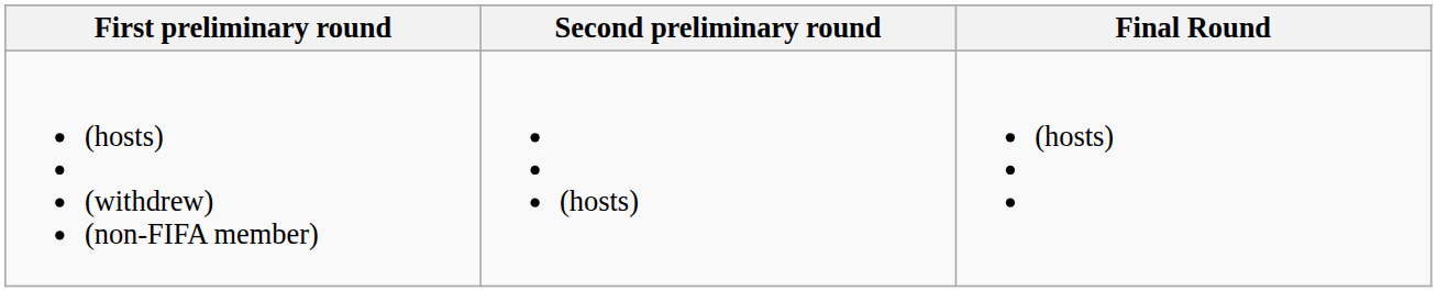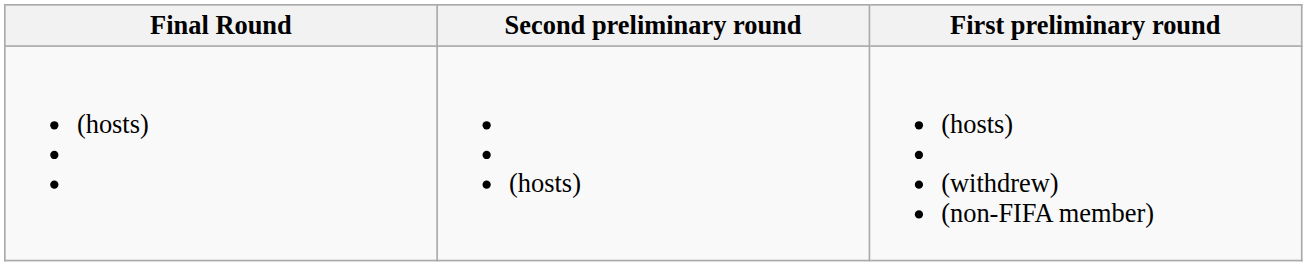 <table class="wikitable" style="width:89%;">
 <tr>
+<th width=33%>Final Round</th>
+<th width=33%>Second preliminary round</th>
 <th width=33%>First preliminary round</th>
-<th width=33%>Second preliminary round</th>
-<th width=33%>Final Round</th>
 </tr>
 <tr>
+<td valign=top><br><ul><li> (hosts)</li><li></li><li></li></ul></td>
+<td valign=top><br><ul><li></li><li></li><li> (hosts)</li></ul></td>
 <td valign=top><br><ul><li> (hosts)</li><li></li><li> (withdrew)</li><li> (non-FIFA member)</li></ul></td>
-<td valign=top><br><ul><li></li><li></li><li> (hosts)</li></ul></td>
-<td valign=top><br><ul><li> (hosts)</li><li></li><li></li></ul></td>
 </tr>
 </table>
